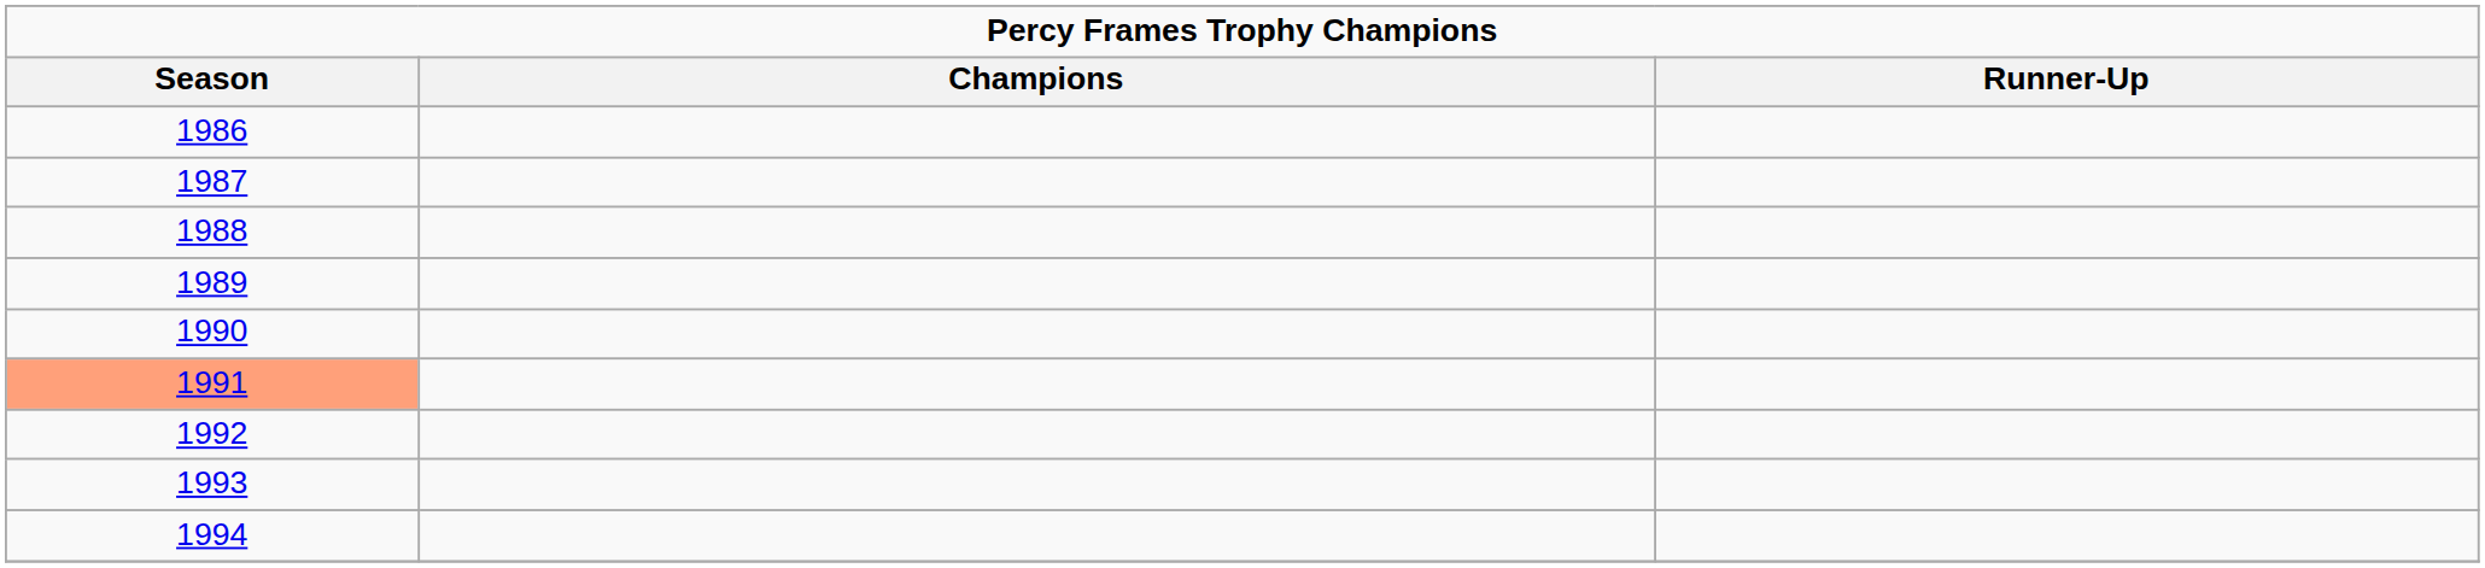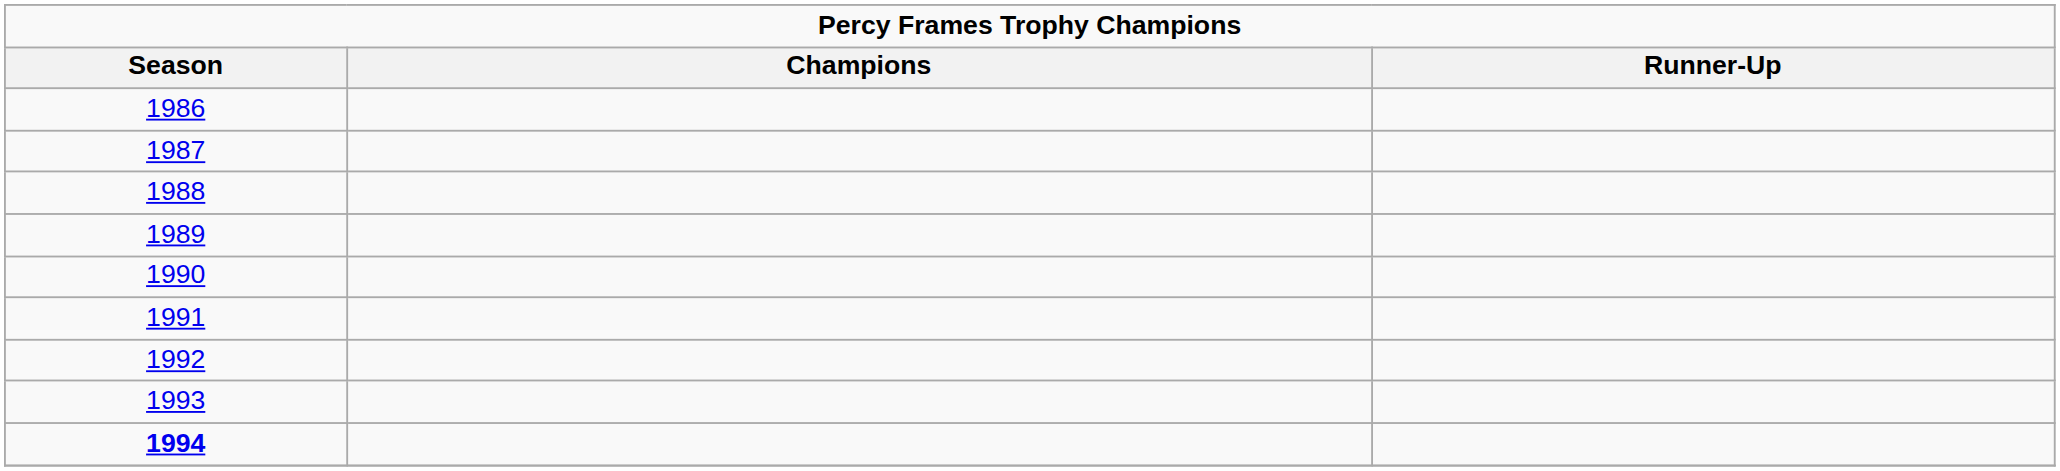 <table class="wikitable" style="text-align:left; line-height:110%; font-size:90%; width:70%;">
 <tr>
 <td colspan="5" cellpadding="0" cellspacing="0" style="text-align:center"><strong>Percy Frames Trophy Champions</strong></td>
 </tr>
 <tr>
 <th style="width:10%;">Season</th>
 <th style="width:30%;">Champions</th>
 <th style="width:20%;">Runner-Up</th>
 </tr>
 <tr>
 <td style="text-align:center"><a href='#'>1986</a></td>
 <td></td>
 <td></td>
 </tr>
 <tr>
 <td style="text-align:center"><a href='#'>1987</a></td>
 <td></td>
 <td></td>
 </tr>
 <tr>
 <td style="text-align:center"><a href='#'>1988</a></td>
 <td></td>
 <td></td>
 </tr>
 <tr>
 <td style="text-align:center"><a href='#'>1989</a></td>
 <td></td>
 <td></td>
 </tr>
 <tr>
 <td style="text-align:center"><a href='#'>1990</a></td>
 <td></td>
 <td></td>
 </tr>
 <tr>
-<td style="background: lightsalmon; text-align:center"><a href='#'>1991</a></td>
+<td style="text-align:center"><a href='#'>1991</a></td>
 <td></td>
 <td></td>
 </tr>
 <tr>
 <td style="text-align:center"><a href='#'>1992</a></td>
 <td></td>
 <td></td>
 </tr>
 <tr>
 <td style="text-align:center"><a href='#'>1993</a></td>
 <td></td>
 <td></td>
 </tr>
 <tr>
-<td style="text-align:center"><a href='#'>1994</a></td>
+<td style="text-align:center"><strong><a href='#'>1994</a></strong></td>
 <td></td>
 <td></td>
 </tr>
 <tr>
 </tr>
 </table>
